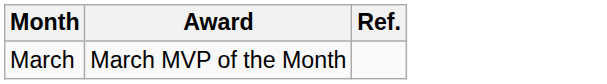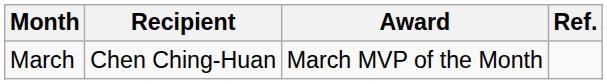 <table class="wikitable">
 <tr>
 <th>Month</th>
+<th>Recipient</th>
 <th>Award</th>
 <th>Ref.</th>
 </tr>
 <tr>
 <td>March</td>
+<td>Chen Ching-Huan</td>
 <td>March MVP of the Month</td>
 <td></td>
 </tr>
 </table>
